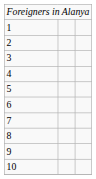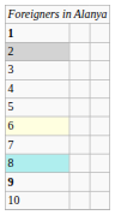 <table class="wikitable">
 <tr>
 <td colspan=3 style="text-align:center;"><em>Foreigners in Alanya</em></td>
 </tr>
 <tr>
-<td>1</td>
+<td><strong>1</strong></td>
 <td></td>
 <td align=right></td>
 </tr>
 <tr>
-<td>2</td>
+<td style="background: lightgrey;">2</td>
 <td></td>
 <td align=right></td>
 </tr>
 <tr>
 <td>3</td>
 <td></td>
 <td align=right></td>
 </tr>
 <tr>
 <td>4</td>
 <td></td>
 <td align=right></td>
 </tr>
 <tr>
 <td>5</td>
 <td></td>
 <td align=right></td>
 </tr>
 <tr>
-<td>6</td>
+<td style="background: lightyellow;">6</td>
 <td></td>
 <td align=right></td>
 </tr>
 <tr>
 <td>7</td>
 <td></td>
 <td align=right></td>
 </tr>
 <tr>
-<td>8</td>
+<td style="background: paleturquoise;">8</td>
 <td></td>
 <td align=right></td>
 </tr>
 <tr>
-<td>9</td>
+<td><strong>9</strong></td>
 <td></td>
 <td align=right></td>
 </tr>
 <tr>
 <td>10</td>
 <td></td>
 <td align=right></td>
 </tr>
 <tr>
 </tr>
 </table>
